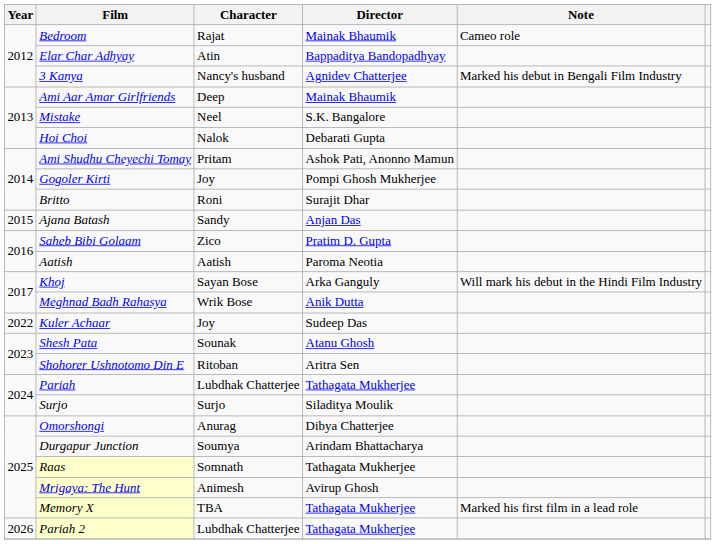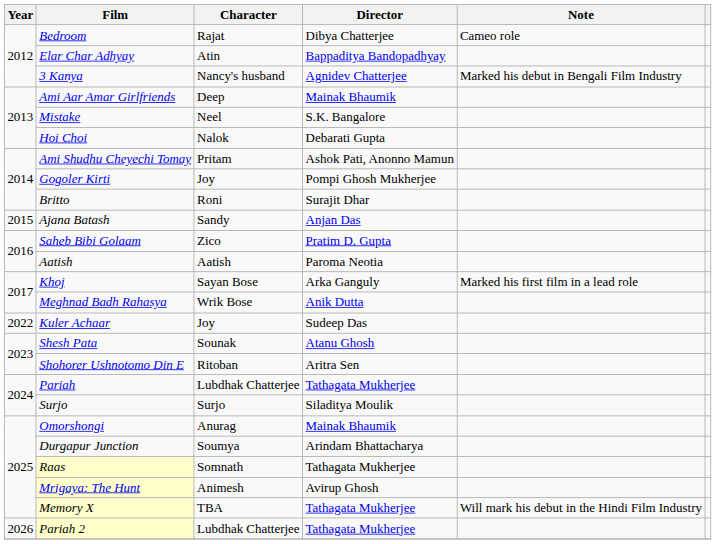 <table class="wikitable">
 <tr>
 <th>Year</th>
 <th>Film</th>
 <th>Character</th>
 <th>Director</th>
 <th>Note</th>
 <th></th>
 </tr>
 <tr>
 <td rowspan="3">2012</td>
 <td><em><a href='#'>Bedroom</a></em></td>
 <td>Rajat</td>
-<td><a href='#'>Mainak Bhaumik</a></td>
+<td>Dibya Chatterjee</td>
 <td>Cameo role</td>
 <td></td>
 </tr>
 <tr>
 <td><em><a href='#'>Elar Char Adhyay</a></em></td>
 <td>Atin</td>
 <td><a href='#'>Bappaditya Bandopadhyay</a></td>
 <td></td>
 <td></td>
 </tr>
 <tr>
 <td><em><a href='#'>3 Kanya</a></em></td>
 <td>Nancy's husband</td>
 <td><a href='#'>Agnidev Chatterjee</a></td>
 <td>Marked his debut in Bengali Film Industry</td>
 <td></td>
 </tr>
 <tr>
 <td rowspan="3">2013</td>
 <td><em><a href='#'>Ami Aar Amar Girlfriends</a></em></td>
 <td>Deep</td>
 <td><a href='#'>Mainak Bhaumik</a></td>
 <td></td>
 <td></td>
 </tr>
 <tr>
 <td><em><a href='#'>Mistake</a></em></td>
 <td>Neel</td>
 <td>S.K. Bangalore</td>
 <td></td>
 <td></td>
 </tr>
 <tr>
 <td><em><a href='#'>Hoi Choi</a></em></td>
 <td>Nalok</td>
 <td>Debarati Gupta</td>
 <td></td>
 <td></td>
 </tr>
 <tr>
 <td rowspan="3">2014</td>
 <td><em><a href='#'>Ami Shudhu Cheyechi Tomay</a></em></td>
 <td>Pritam</td>
 <td>Ashok Pati, Anonno Mamun</td>
 <td></td>
 <td></td>
 </tr>
 <tr>
 <td><em><a href='#'>Gogoler Kirti</a></em></td>
 <td>Joy</td>
 <td>Pompi Ghosh Mukherjee</td>
 <td></td>
 <td></td>
 </tr>
 <tr>
 <td><em>Britto</em></td>
 <td>Roni</td>
 <td>Surajit Dhar</td>
 <td></td>
 <td></td>
 </tr>
 <tr>
 <td>2015</td>
 <td><em>Ajana Batash</em></td>
 <td>Sandy</td>
 <td><a href='#'>Anjan Das</a></td>
 <td></td>
 <td></td>
 </tr>
 <tr>
 <td rowspan="2">2016</td>
 <td><em><a href='#'>Saheb Bibi Golaam</a></em></td>
 <td>Zico</td>
 <td><a href='#'>Pratim D. Gupta</a></td>
 <td></td>
 <td></td>
 </tr>
 <tr>
 <td><em>Aatish</em></td>
 <td>Aatish</td>
 <td>Paroma Neotia</td>
 <td></td>
 <td></td>
 </tr>
 <tr>
 <td rowspan="2">2017</td>
 <td><em><a href='#'>Khoj</a></em></td>
 <td>Sayan Bose</td>
 <td>Arka Ganguly</td>
-<td>Will mark his debut in the Hindi Film Industry</td>
+<td>Marked his first film in a lead role</td>
 <td></td>
 </tr>
 <tr>
 <td><em><a href='#'>Meghnad Badh Rahasya</a></em></td>
 <td>Wrik Bose</td>
 <td><a href='#'>Anik Dutta</a></td>
 <td></td>
 <td></td>
 </tr>
 <tr>
 <td>2022</td>
 <td><em><a href='#'>Kuler Achaar</a></em></td>
 <td>Joy</td>
 <td>Sudeep Das</td>
 <td></td>
 <td></td>
 </tr>
 <tr>
 <td rowspan="2">2023</td>
 <td><em><a href='#'>Shesh Pata</a></em></td>
 <td>Sounak</td>
 <td><a href='#'>Atanu Ghosh</a></td>
 <td></td>
 <td></td>
 </tr>
 <tr>
 <td><em><a href='#'>Shohorer Ushnotomo Din E</a></em></td>
 <td>Ritoban</td>
 <td>Aritra Sen</td>
 <td></td>
 <td></td>
 </tr>
 <tr>
 <td rowspan="2">2024</td>
 <td><em><a href='#'>Pariah</a></em></td>
 <td>Lubdhak Chatterjee</td>
 <td><a href='#'>Tathagata Mukherjee</a></td>
 <td></td>
 <td></td>
 </tr>
 <tr>
 <td><em>Surjo</em></td>
 <td>Surjo</td>
 <td>Siladitya Moulik</td>
 <td></td>
 <td></td>
 </tr>
 <tr>
 <td rowspan="5">2025</td>
 <td><em><a href='#'>Omorshongi</a></em></td>
 <td>Anurag</td>
-<td>Dibya Chatterjee</td>
+<td><a href='#'>Mainak Bhaumik</a></td>
 <td></td>
 <td></td>
 </tr>
 <tr>
 <td><em>Durgapur Junction</em></td>
 <td>Soumya</td>
 <td>Arindam Bhattacharya</td>
 <td></td>
 <td></td>
 </tr>
 <tr>
 <td style="background:#FFFFCC;"><em>Raas</em> </td>
 <td>Somnath</td>
 <td>Tathagata Mukherjee</td>
 <td></td>
 <td></td>
 </tr>
 <tr>
 <td style="background:#FFFFCC;"><em><a href='#'>Mrigaya: The Hunt</a></em> </td>
 <td>Animesh</td>
 <td>Avirup Ghosh</td>
 <td></td>
 <td></td>
 </tr>
 <tr>
 <td style="background:#FFFFCC;"><em>Memory X</em> </td>
 <td>TBA</td>
 <td><a href='#'>Tathagata Mukherjee</a></td>
-<td>Marked his first film in a lead role</td>
+<td>Will mark his debut in the Hindi Film Industry</td>
 <td></td>
 </tr>
 <tr>
 <td>2026</td>
 <td style="background:#FFFFCC;"><em>Pariah 2</em> </td>
 <td>Lubdhak Chatterjee</td>
 <td><a href='#'>Tathagata Mukherjee</a></td>
 <td></td>
 <td></td>
 </tr>
 <tr>
 </tr>
 </table>
